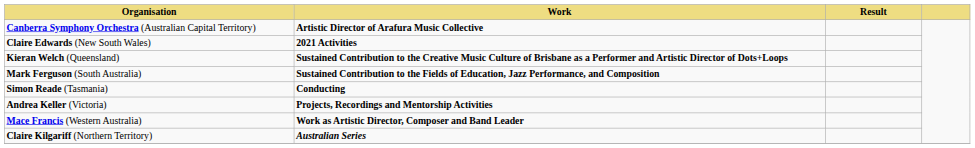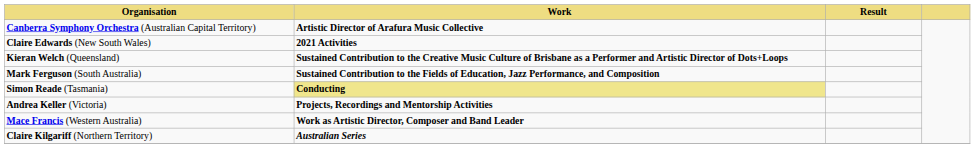 <table class="wikitable" width="100%">
 <tr>
 <th style="width:30%;background:#EEDD82;">Organisation</th>
 <th style="width:55%;background:#EEDD82;">Work</th>
 <th style="width:10%;background:#EEDD82;">Result</th>
 <th style="width:5%;background:#EEDD82;"></th>
 </tr>
 <tr>
 <td><strong><a href='#'>Canberra Symphony Orchestra</a></strong> (Australian Capital Territory)</td>
 <td><strong>Artistic Director of Arafura Music Collective</strong></td>
 <td></td>
 <td rowspan="8"></td>
 </tr>
 <tr>
 <td><strong>Claire Edwards</strong> (New South Wales)</td>
 <td><strong>2021 Activities</strong></td>
 <td></td>
 </tr>
 <tr>
 <td><strong>Kieran Welch</strong> (Queensland)</td>
 <td><strong>Sustained Contribution to the Creative Music Culture of Brisbane as a Performer and Artistic Director of Dots+Loops</strong></td>
 <td></td>
 </tr>
 <tr>
 <td><strong>Mark Ferguson</strong> (South Australia)</td>
 <td><strong>Sustained Contribution to the Fields of Education, Jazz Performance, and Composition</strong></td>
 <td></td>
 </tr>
 <tr>
 <td><strong>Simon Reade</strong> (Tasmania)</td>
-<td><strong>Conducting</strong></td>
+<td style="background: khaki;"><strong>Conducting</strong></td>
 <td></td>
 </tr>
 <tr>
 <td><strong>Andrea Keller</strong> (Victoria)</td>
 <td><strong>Projects, Recordings and Mentorship Activities</strong></td>
 <td></td>
 </tr>
 <tr>
 <td><strong><a href='#'>Mace Francis</a></strong> (Western Australia)</td>
 <td><strong>Work as Artistic Director, Composer and Band Leader</strong></td>
 <td></td>
 </tr>
 <tr>
 <td><strong>Claire Kilgariff</strong> (Northern Territory)</td>
 <td><strong><em>Australian Series</em></strong></td>
 <td></td>
 </tr>
 <tr>
 </tr>
 </table>
